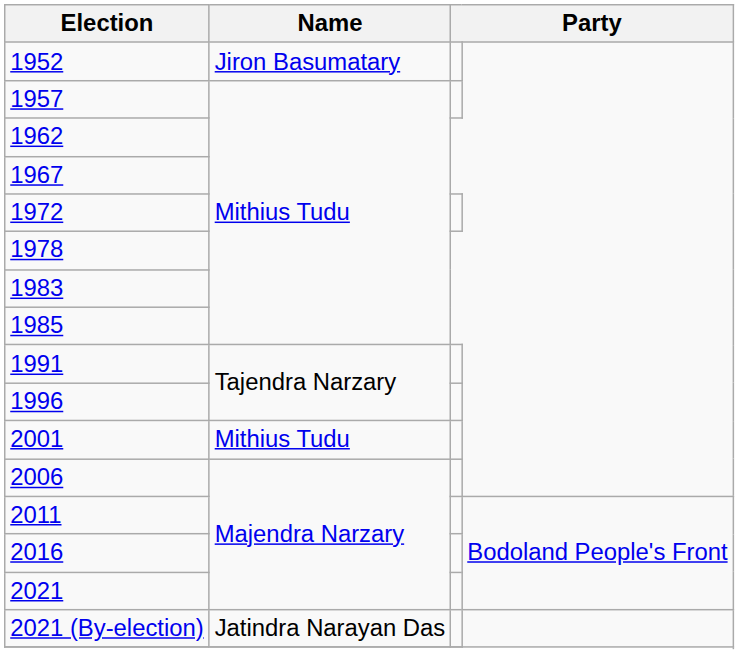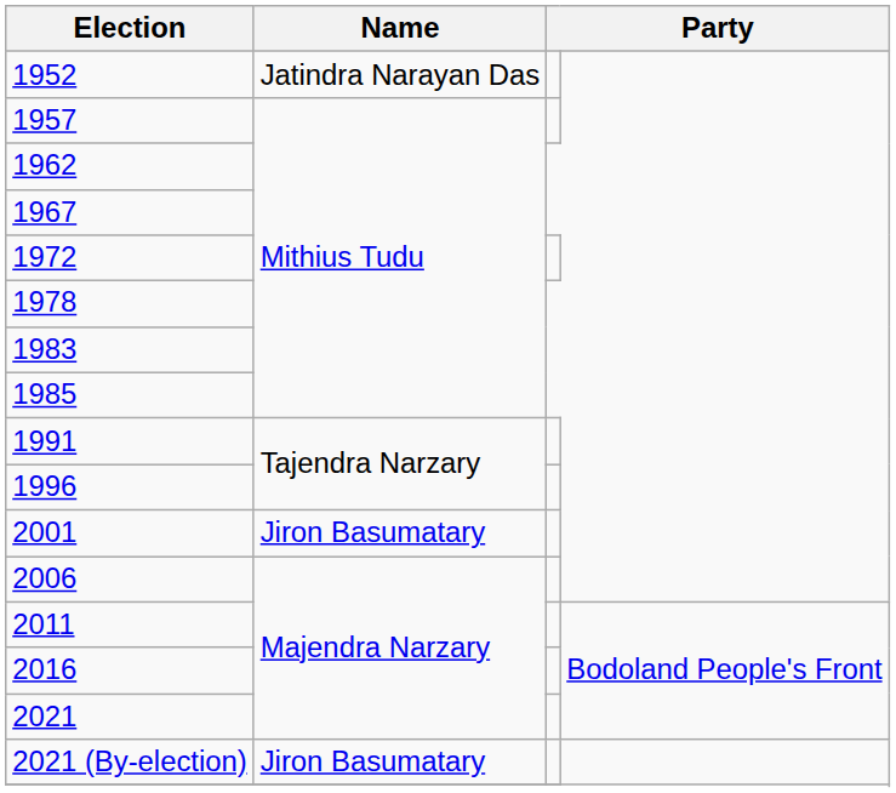 <table class="wikitable sortable">
 <tr>
 <th>Election</th>
 <th>Name</th>
 <th colspan="2">Party</th>
 </tr>
 <tr>
 <td><a href='#'>1952</a></td>
-<td><a href='#'>Jiron Basumatary</a></td>
+<td>Jatindra Narayan Das</td>
 <td></td>
 </tr>
 <tr>
 <td><a href='#'>1957</a></td>
 <td rowspan="7"><a href='#'>Mithius Tudu</a></td>
 <td></td>
 </tr>
 <tr>
 <td><a href='#'>1962</a></td>
 </tr>
 <tr>
 <td><a href='#'>1967</a></td>
 </tr>
 <tr>
 <td><a href='#'>1972</a></td>
 <td></td>
 </tr>
 <tr>
 <td><a href='#'>1978</a></td>
 </tr>
 <tr>
 <td><a href='#'>1983</a></td>
 </tr>
 <tr>
 <td><a href='#'>1985</a></td>
 </tr>
 <tr>
 <td><a href='#'>1991</a></td>
 <td rowspan="2">Tajendra Narzary</td>
 <td></td>
 </tr>
 <tr>
 <td><a href='#'>1996</a></td>
 <td></td>
 </tr>
 <tr>
 <td><a href='#'>2001</a></td>
-<td><a href='#'>Mithius Tudu</a></td>
+<td><a href='#'>Jiron Basumatary</a></td>
 <td></td>
 </tr>
 <tr>
 <td><a href='#'>2006</a></td>
 <td rowspan="4"><a href='#'>Majendra Narzary</a></td>
 <td></td>
 </tr>
 <tr>
 <td><a href='#'>2011</a></td>
 <td style="background-color: "></td>
 <td rowspan="3"><a href='#'>Bodoland People's Front</a></td>
 </tr>
 <tr>
 <td><a href='#'>2016</a></td>
 <td style="background-color: "></td>
 </tr>
 <tr>
 <td><a href='#'>2021</a></td>
 <td style="background-color: "></td>
 </tr>
 <tr>
 <td><a href='#'>2021 (By-election)</a></td>
-<td>Jatindra Narayan Das</td>
+<td><a href='#'>Jiron Basumatary</a></td>
 <td></td>
 </tr>
 <tr>
 </tr>
 </table>
